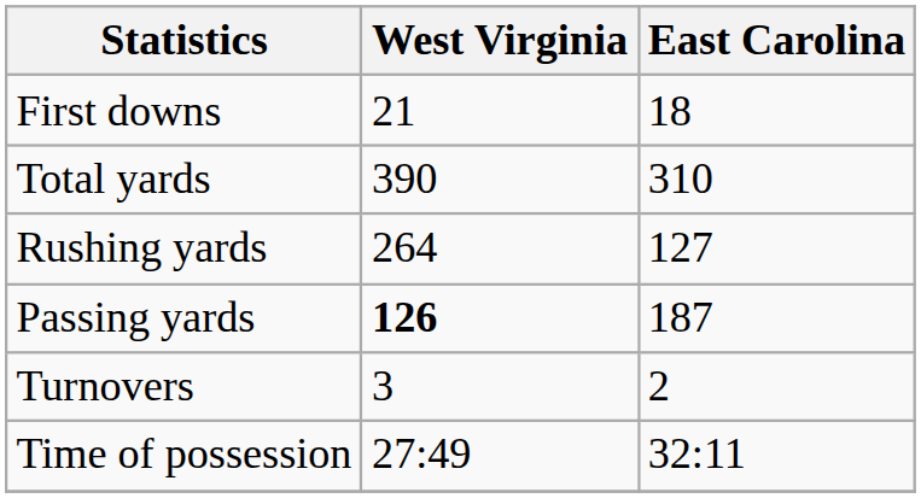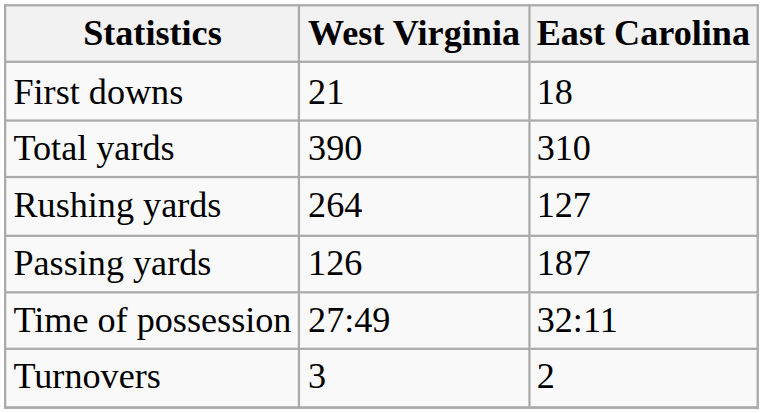 <table class="wikitable" style="float: left;">
 <tr>
 <th>Statistics</th>
 <th>West Virginia</th>
 <th>East Carolina</th>
 </tr>
 <tr>
 <td>First downs</td>
 <td>21</td>
 <td>18</td>
 </tr>
 <tr>
 <td>Total yards</td>
 <td>390</td>
 <td>310</td>
 </tr>
 <tr>
 <td>Rushing yards</td>
 <td>264</td>
 <td>127</td>
 </tr>
 <tr>
 <td>Passing yards</td>
-<td><strong>126</strong></td>
+<td>126</td>
 <td>187</td>
+</tr>
+<tr>
+<td>Time of possession</td>
+<td>27:49</td>
+<td>32:11</td>
 </tr>
 <tr>
 <td>Turnovers</td>
 <td>3</td>
 <td>2</td>
 </tr>
 <tr>
-<td>Time of possession</td>
-<td>27:49</td>
-<td>32:11</td>
-</tr>
-<tr>
 </tr>
 </table>
